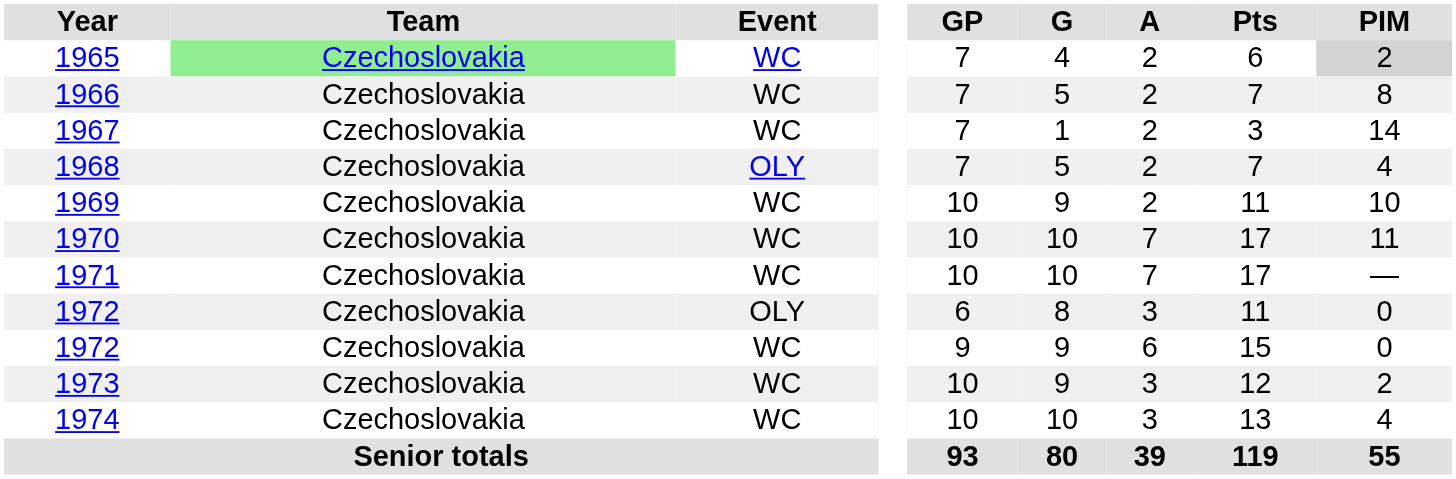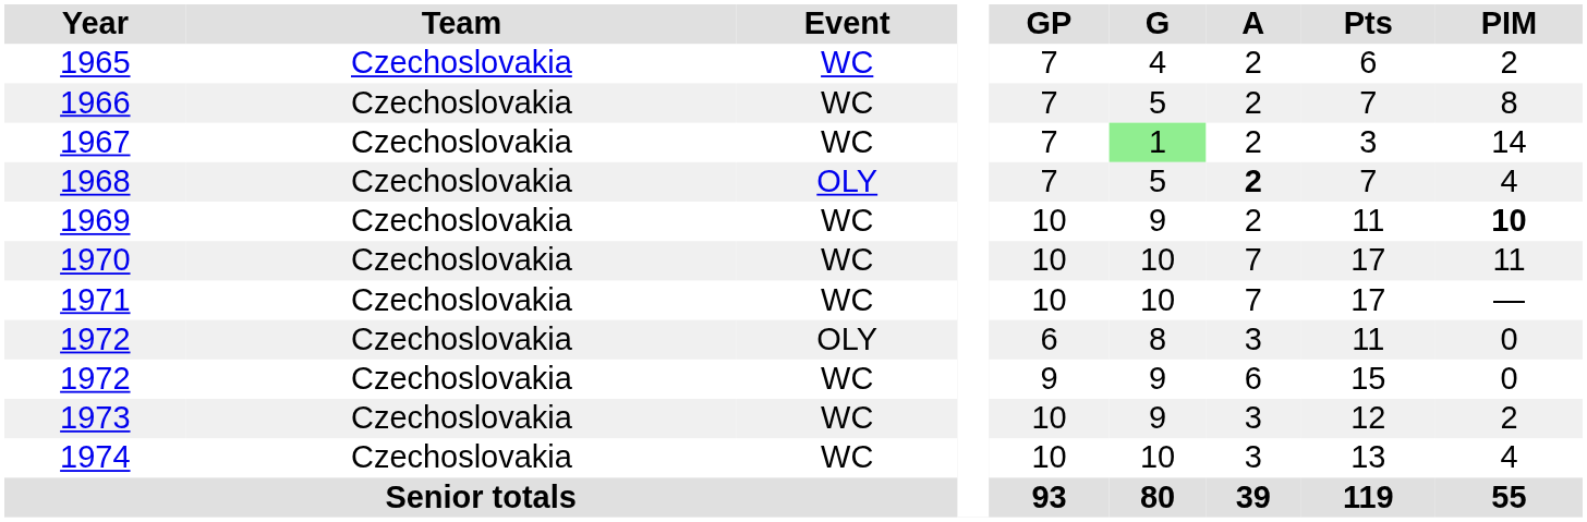 <table border="0" cellpadding="1" cellspacing="0" style="text-align:center; width:50em">
 <tr ALIGN="center" bgcolor="#e0e0e0">
 <th>Year</th>
 <th>Team</th>
 <th>Event</th>
 <th rowspan="99" bgcolor="#ffffff"> </th>
 <th>GP</th>
 <th>G</th>
 <th>A</th>
 <th>Pts</th>
 <th>PIM</th>
 </tr>
 <tr>
 <td><a href='#'>1965</a></td>
-<td style="background: lightgreen;"><a href='#'>Czechoslovakia</a></td>
+<td><a href='#'>Czechoslovakia</a></td>
 <td><a href='#'>WC</a></td>
 <td>7</td>
 <td>4</td>
 <td>2</td>
 <td>6</td>
-<td style="background: lightgrey;">2</td>
+<td>2</td>
 </tr>
 <tr bgcolor="#f0f0f0">
 <td><a href='#'>1966</a></td>
 <td>Czechoslovakia</td>
 <td>WC</td>
 <td>7</td>
 <td>5</td>
 <td>2</td>
 <td>7</td>
 <td>8</td>
 </tr>
 <tr>
 <td><a href='#'>1967</a></td>
 <td>Czechoslovakia</td>
 <td>WC</td>
 <td>7</td>
-<td>1</td>
+<td style="background: lightgreen;">1</td>
 <td>2</td>
 <td>3</td>
 <td>14</td>
 </tr>
 <tr bgcolor="#f0f0f0">
 <td><a href='#'>1968</a></td>
 <td>Czechoslovakia</td>
 <td><a href='#'>OLY</a></td>
 <td>7</td>
 <td>5</td>
-<td>2</td>
+<td><strong>2</strong></td>
 <td>7</td>
 <td>4</td>
 </tr>
 <tr>
 <td><a href='#'>1969</a></td>
 <td>Czechoslovakia</td>
 <td>WC</td>
 <td>10</td>
 <td>9</td>
 <td>2</td>
 <td>11</td>
-<td>10</td>
+<td><strong>10</strong></td>
 </tr>
 <tr bgcolor="#f0f0f0">
 <td><a href='#'>1970</a></td>
 <td>Czechoslovakia</td>
 <td>WC</td>
 <td>10</td>
 <td>10</td>
 <td>7</td>
 <td>17</td>
 <td>11</td>
 </tr>
 <tr>
 <td><a href='#'>1971</a></td>
 <td>Czechoslovakia</td>
 <td>WC</td>
 <td>10</td>
 <td>10</td>
 <td>7</td>
 <td>17</td>
 <td>—</td>
 </tr>
 <tr bgcolor="#f0f0f0">
 <td><a href='#'>1972</a></td>
 <td>Czechoslovakia</td>
 <td>OLY</td>
 <td>6</td>
 <td>8</td>
 <td>3</td>
 <td>11</td>
 <td>0</td>
 </tr>
 <tr>
 <td><a href='#'>1972</a></td>
 <td>Czechoslovakia</td>
 <td>WC</td>
 <td>9</td>
 <td>9</td>
 <td>6</td>
 <td>15</td>
 <td>0</td>
 </tr>
 <tr bgcolor="#f0f0f0">
 <td><a href='#'>1973</a></td>
 <td>Czechoslovakia</td>
 <td>WC</td>
 <td>10</td>
 <td>9</td>
 <td>3</td>
 <td>12</td>
 <td>2</td>
 </tr>
 <tr>
 <td><a href='#'>1974</a></td>
 <td>Czechoslovakia</td>
 <td>WC</td>
 <td>10</td>
 <td>10</td>
 <td>3</td>
 <td>13</td>
 <td>4</td>
 </tr>
 <tr bgcolor="#e0e0e0">
 <th colspan=3>Senior totals</th>
 <th>93</th>
 <th>80</th>
 <th>39</th>
 <th>119</th>
 <th>55</th>
 </tr>
 </table>
